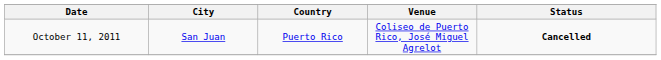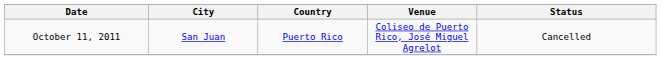 <table class="wikitable" style="text-align:center;">
 <tr>
 </tr>
 <tr bgcolor="#CCCCCC">
 <th width="200">Date</th>
 <th width="150">City</th>
 <th width="150">Country</th>
 <th width="150">Venue</th>
 <th width="250">Status</th>
 </tr>
 <tr>
 <td>October 11, 2011</td>
 <td><a href='#'>San Juan</a></td>
 <td><a href='#'>Puerto Rico</a></td>
 <td><a href='#'>Coliseo de Puerto Rico, José Miguel Agrelot</a></td>
-<td><strong>Cancelled </strong></td>
+<td>Cancelled </td>
 </tr>
 <tr>
 </tr>
 </table>
